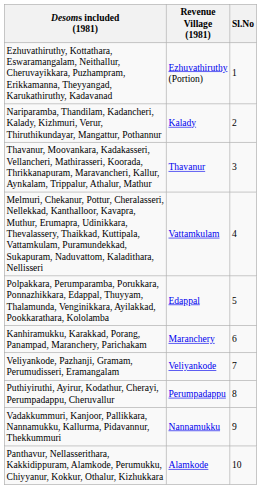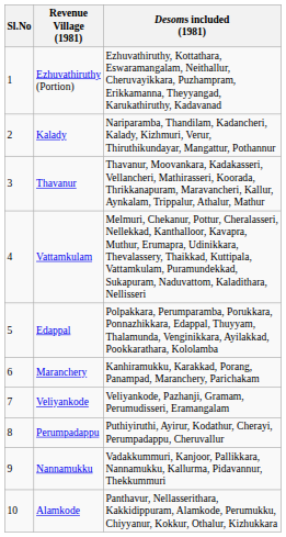 <table class="wikitable sortable" style="font-size:95%;">
 <tr>
+<th width="20px">Sl.No</th>
+<th width="75px">Revenue Village<br>(1981)</th>
 <th width="250px"><em>Desom</em>s included<br>(1981)</th>
-<th width="75px">Revenue Village<br>(1981)</th>
-<th width="20px">Sl.No</th>
 </tr>
 <tr>
+<td>1</td>
+<td><a href='#'>Ezhuvathiruthy</a> (Portion)</td>
 <td>Ezhuvathiruthy, Kottathara, Eswaramangalam, Neithallur, Cheruvayikkara, Puzhampram, Erikkamanna, Theyyangad, Karukathiruthy, Kadavanad</td>
-<td><a href='#'>Ezhuvathiruthy</a> (Portion)</td>
-<td>1</td>
 </tr>
 <tr>
+<td>2</td>
+<td><a href='#'>Kalady</a></td>
 <td>Nariparamba, Thandilam, Kadancheri, Kalady, Kizhmuri, Verur, Thiruthikundayar, Mangattur, Pothannur</td>
-<td><a href='#'>Kalady</a></td>
-<td>2</td>
 </tr>
 <tr>
+<td>3</td>
+<td><a href='#'>Thavanur</a></td>
 <td>Thavanur, Moovankara, Kadakasseri, Vellancheri, Mathirasseri, Koorada, Thrikkanapuram, Maravancheri, Kallur, Aynkalam, Trippalur, Athalur, Mathur</td>
-<td><a href='#'>Thavanur</a></td>
-<td>3</td>
 </tr>
 <tr>
+<td>4</td>
+<td><a href='#'>Vattamkulam</a></td>
 <td>Melmuri, Chekanur, Pottur, Cheralasseri, Nellekkad, Kanthalloor, Kavapra, Muthur, Erumapra, Udinikkara, Thevalassery, Thaikkad, Kuttipala, Vattamkulam, Puramundekkad, Sukapuram, Naduvattom, Kaladithara, Nellisseri</td>
-<td><a href='#'>Vattamkulam</a></td>
-<td>4</td>
 </tr>
 <tr>
+<td>5</td>
+<td><a href='#'>Edappal</a></td>
 <td>Polpakkara, Perumparamba, Porukkara, Ponnazhikkara, Edappal, Thuyyam, Thalamunda, Venginikkara, Ayilakkad, Pookkarathara, Kololamba</td>
-<td><a href='#'>Edappal</a></td>
-<td>5</td>
 </tr>
 <tr>
+<td>6</td>
+<td><a href='#'>Maranchery</a></td>
 <td>Kanhiramukku, Karakkad, Porang, Panampad, Maranchery, Parichakam</td>
-<td><a href='#'>Maranchery</a></td>
-<td>6</td>
 </tr>
 <tr>
+<td>7</td>
+<td><a href='#'>Veliyankode</a></td>
 <td>Veliyankode, Pazhanji, Gramam, Perumudisseri, Eramangalam</td>
-<td><a href='#'>Veliyankode</a></td>
-<td>7</td>
 </tr>
 <tr>
+<td>8</td>
+<td><a href='#'>Perumpadappu</a></td>
 <td>Puthiyiruthi, Ayirur, Kodathur, Cherayi, Perumpadappu, Cheruvallur</td>
-<td><a href='#'>Perumpadappu</a></td>
-<td>8</td>
 </tr>
 <tr>
+<td>9</td>
+<td><a href='#'>Nannamukku</a></td>
 <td>Vadakkummuri, Kanjoor, Pallikkara, Nannamukku, Kallurma, Pidavannur, Thekkummuri</td>
-<td><a href='#'>Nannamukku</a></td>
-<td>9</td>
 </tr>
 <tr>
+<td>10</td>
+<td><a href='#'>Alamkode</a></td>
 <td>Panthavur, Nellasserithara, Kakkidippuram, Alamkode, Perumukku, Chiyyanur, Kokkur, Othalur, Kizhukkara</td>
-<td><a href='#'>Alamkode</a></td>
-<td>10</td>
 </tr>
 </table>
